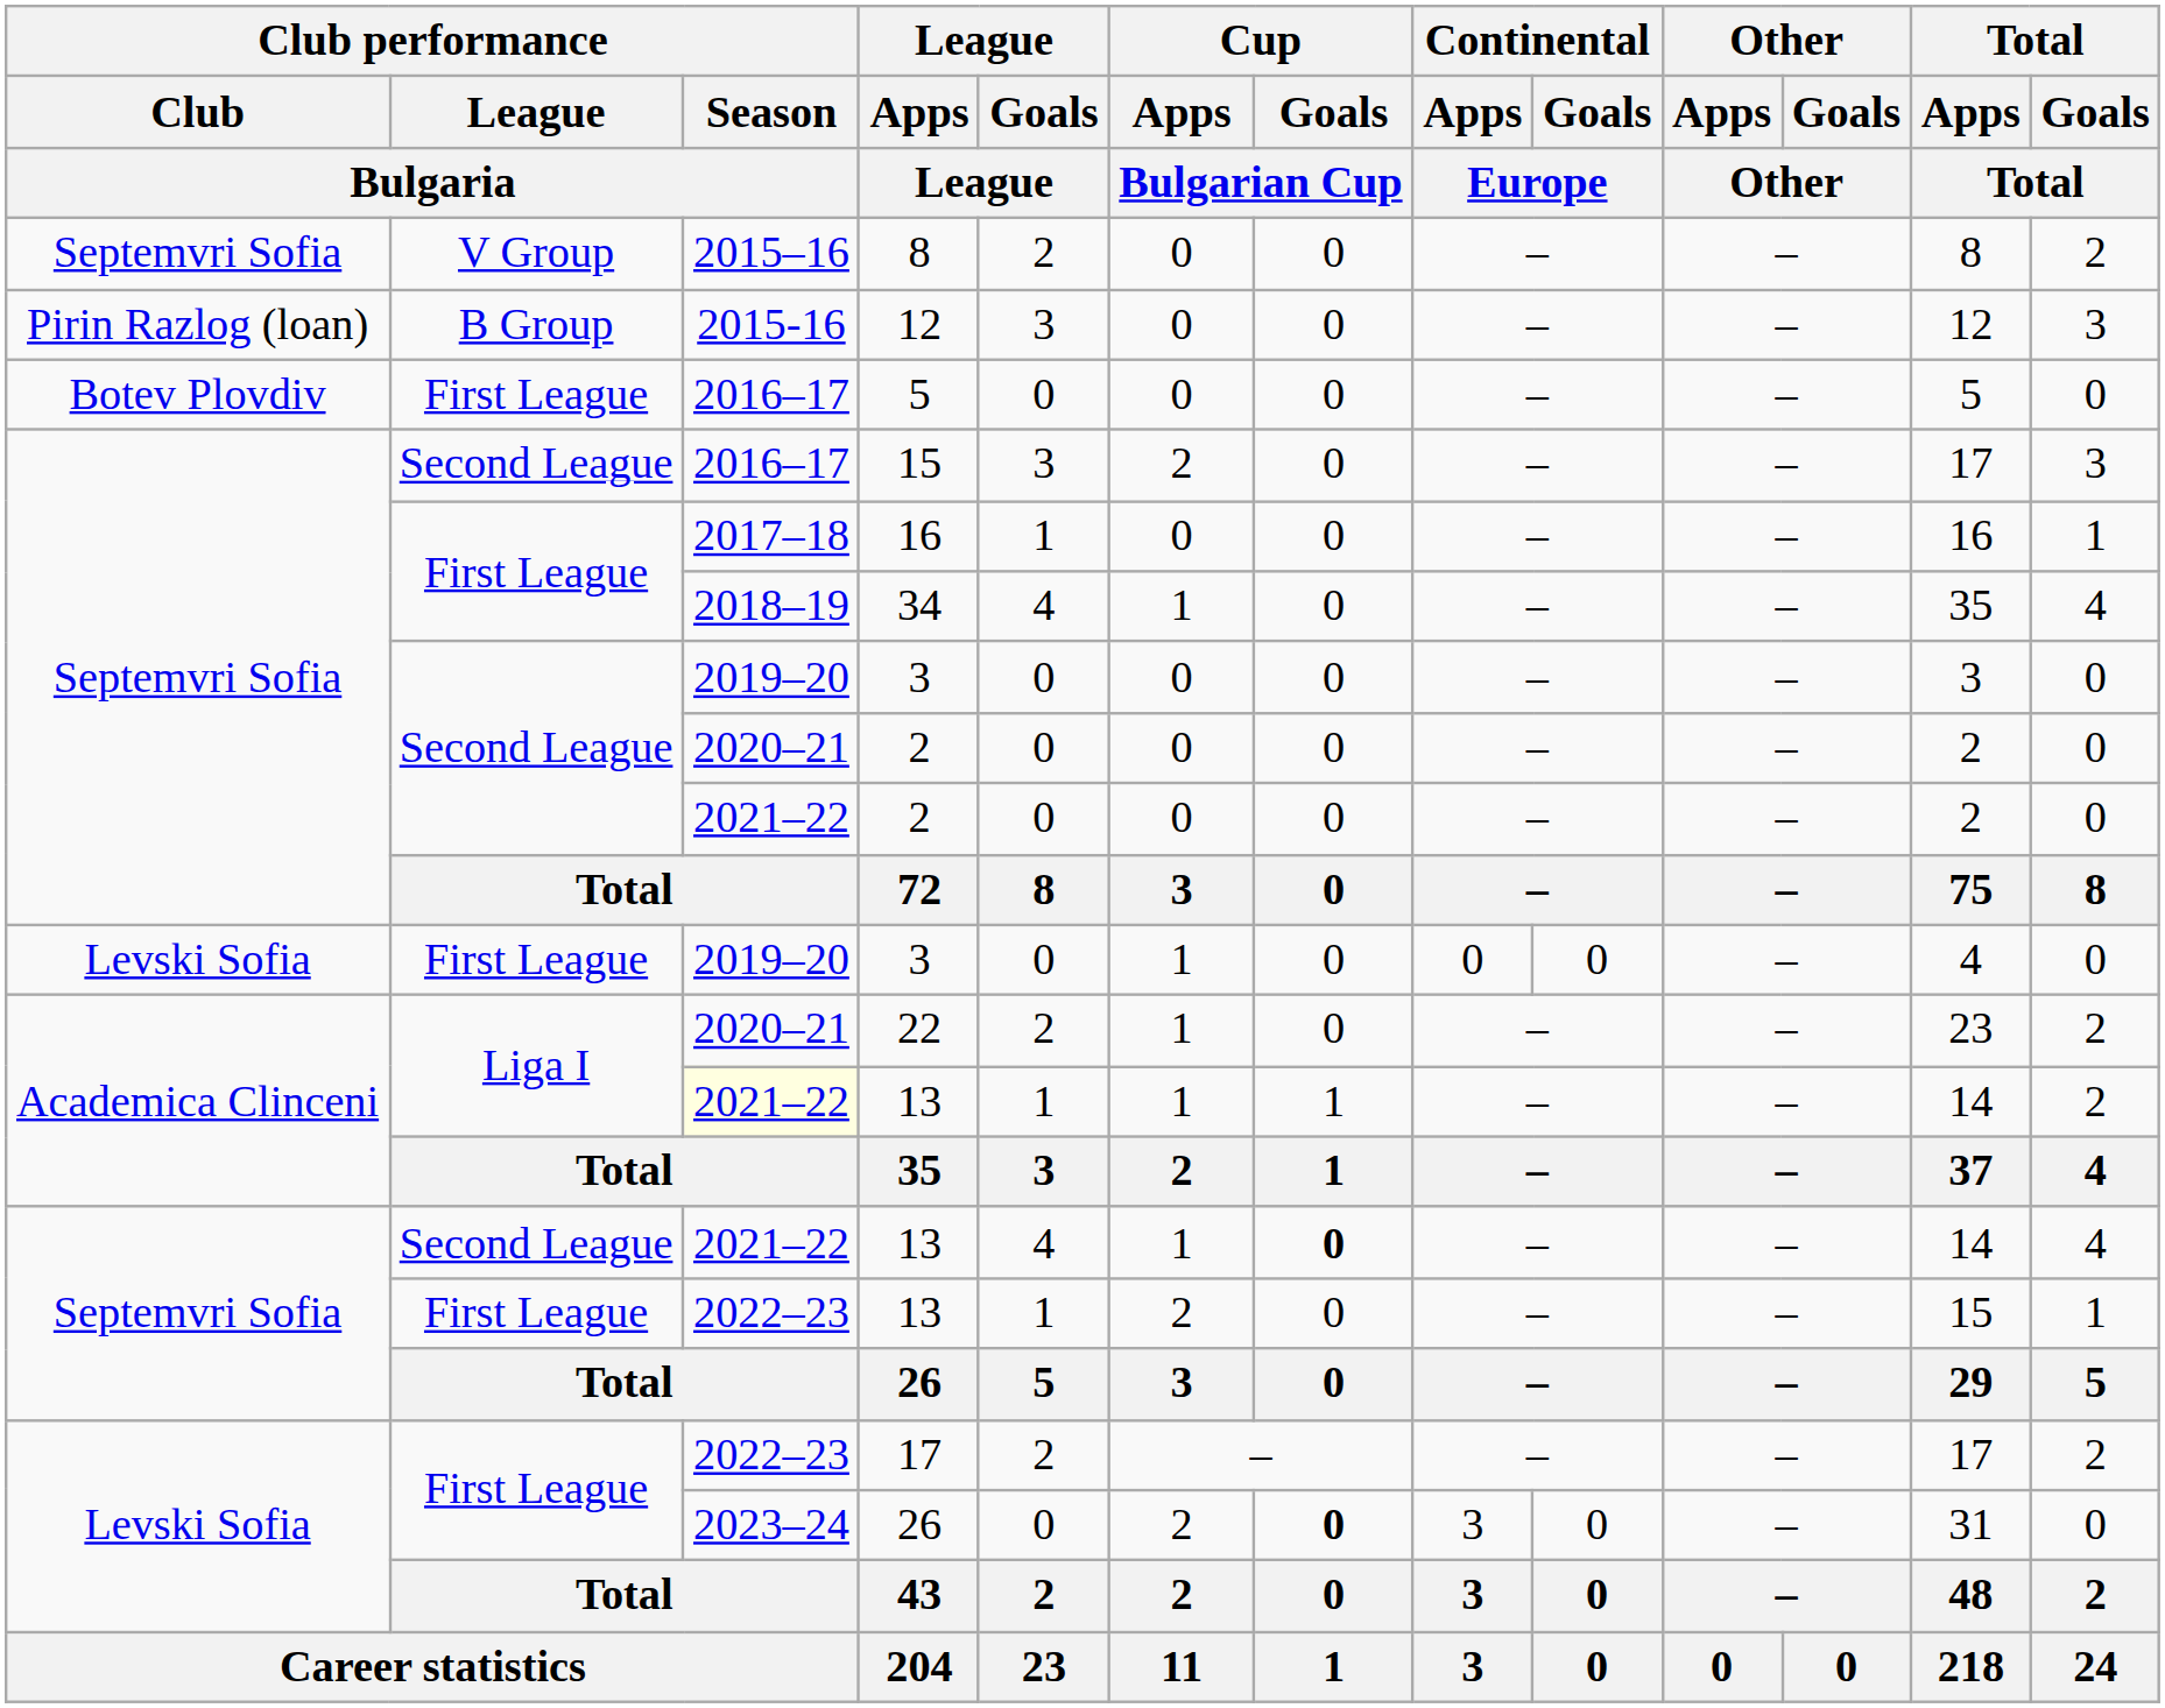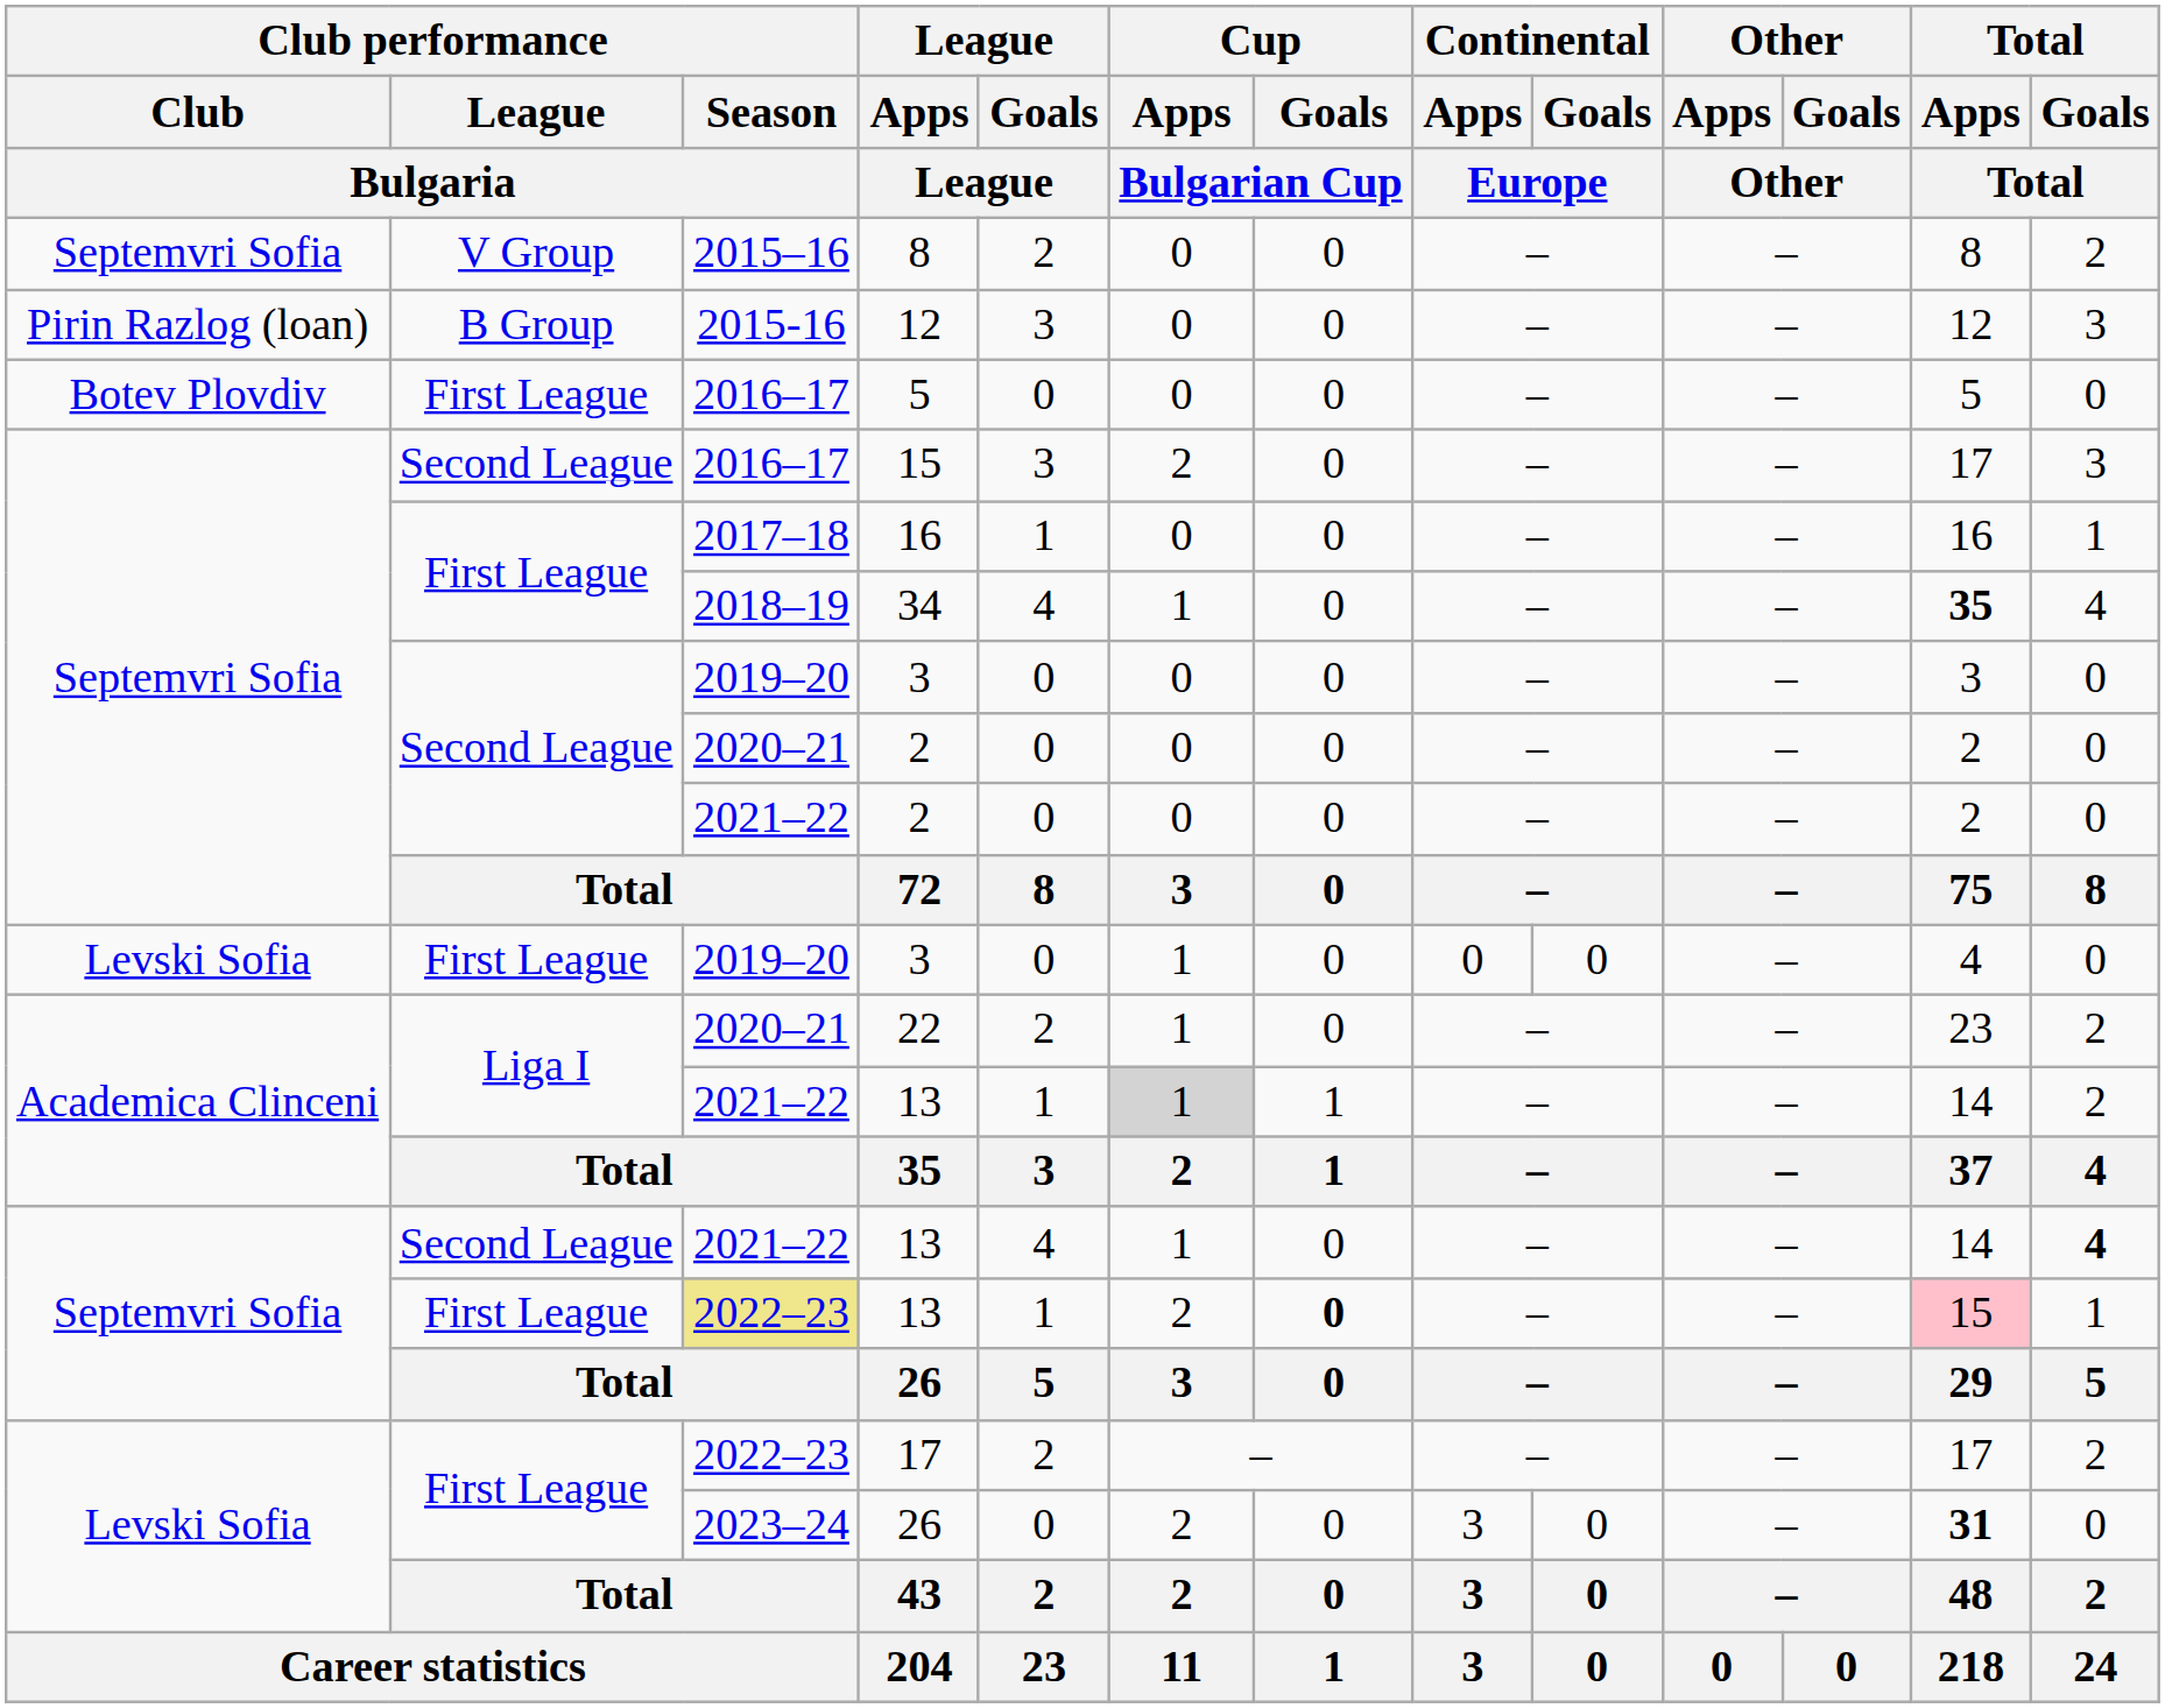 <table class="wikitable" style="text-align: center">
 <tr>
 <th Colspan="3">Club performance</th>
 <th Colspan="2">League</th>
 <th Colspan="2">Cup</th>
 <th Colspan="2">Continental</th>
 <th Colspan="2">Other</th>
 <th Colspan="3">Total</th>
 </tr>
 <tr>
 <th>Club</th>
 <th>League</th>
 <th>Season</th>
 <th>Apps</th>
 <th>Goals</th>
 <th>Apps</th>
 <th>Goals</th>
 <th>Apps</th>
 <th>Goals</th>
 <th>Apps</th>
 <th>Goals</th>
 <th>Apps</th>
 <th>Goals</th>
 </tr>
 <tr>
 <th Colspan="3">Bulgaria</th>
 <th Colspan="2">League</th>
 <th Colspan="2"><a href='#'>Bulgarian Cup</a></th>
 <th Colspan="2"><a href='#'>Europe</a></th>
 <th Colspan="2">Other</th>
 <th Colspan="2">Total</th>
 </tr>
 <tr>
 <td rowspan="1" valign="center"><a href='#'>Septemvri Sofia</a></td>
 <td rowspan="1"><a href='#'>V Group</a></td>
 <td><a href='#'>2015–16</a></td>
 <td>8</td>
 <td>2</td>
 <td>0</td>
 <td>0</td>
 <td colspan="2">–</td>
 <td colspan="2">–</td>
 <td>8</td>
 <td>2</td>
 </tr>
 <tr>
 <td rowspan="1" valign="center"><a href='#'>Pirin Razlog</a> (loan)</td>
 <td rowspan="1"><a href='#'>B Group</a></td>
 <td><a href='#'>2015-16</a></td>
 <td>12</td>
 <td>3</td>
 <td>0</td>
 <td>0</td>
 <td colspan="2">–</td>
 <td colspan="2">–</td>
 <td>12</td>
 <td>3</td>
 </tr>
 <tr>
 <td rowspan="1" valign="center"><a href='#'>Botev Plovdiv</a></td>
 <td rowspan="1"><a href='#'>First League</a></td>
 <td><a href='#'>2016–17</a></td>
 <td>5</td>
 <td>0</td>
 <td>0</td>
 <td>0</td>
 <td colspan="2">–</td>
 <td colspan="2">–</td>
 <td>5</td>
 <td>0</td>
 </tr>
 <tr>
 <td rowspan="7" valign="center"><a href='#'>Septemvri Sofia</a></td>
 <td rowspan="1"><a href='#'>Second League</a></td>
 <td><a href='#'>2016–17</a></td>
 <td>15</td>
 <td>3</td>
 <td>2</td>
 <td>0</td>
 <td colspan="2">–</td>
 <td colspan="2">–</td>
 <td>17</td>
 <td>3</td>
 </tr>
 <tr>
 <td rowspan="2"><a href='#'>First League</a></td>
 <td><a href='#'>2017–18</a></td>
 <td>16</td>
 <td>1</td>
 <td>0</td>
 <td>0</td>
 <td colspan="2">–</td>
 <td colspan="2">–</td>
 <td>16</td>
 <td>1</td>
 </tr>
 <tr>
 <td><a href='#'>2018–19</a></td>
 <td>34</td>
 <td>4</td>
 <td>1</td>
 <td>0</td>
 <td colspan="2">–</td>
 <td colspan="2">–</td>
-<td>35</td>
+<td><strong>35</strong></td>
 <td>4</td>
 </tr>
 <tr>
 <td rowspan="3"><a href='#'>Second League</a></td>
 <td><a href='#'>2019–20</a></td>
 <td>3</td>
 <td>0</td>
 <td>0</td>
 <td>0</td>
 <td colspan="2">–</td>
 <td colspan="2">–</td>
 <td>3</td>
 <td>0</td>
 </tr>
 <tr>
 <td><a href='#'>2020–21</a></td>
 <td>2</td>
 <td>0</td>
 <td>0</td>
 <td>0</td>
 <td colspan="2">–</td>
 <td colspan="2">–</td>
 <td>2</td>
 <td>0</td>
 </tr>
 <tr>
 <td><a href='#'>2021–22</a></td>
 <td>2</td>
 <td>0</td>
 <td>0</td>
 <td>0</td>
 <td colspan="2">–</td>
 <td colspan="2">–</td>
 <td>2</td>
 <td>0</td>
 </tr>
 <tr>
 <th colspan=2>Total</th>
 <th>72</th>
 <th>8</th>
 <th>3</th>
 <th>0</th>
 <th colspan="2">–</th>
 <th colspan="2">–</th>
 <th>75</th>
 <th>8</th>
 </tr>
 <tr>
 <td rowspan="1" valign="center"><a href='#'>Levski Sofia</a></td>
 <td rowspan="1"><a href='#'>First League</a></td>
 <td><a href='#'>2019–20</a></td>
 <td>3</td>
 <td>0</td>
 <td>1</td>
 <td>0</td>
 <td>0</td>
 <td>0</td>
 <td colspan="2">–</td>
 <td>4</td>
 <td>0</td>
 </tr>
 <tr>
 <td rowspan="3" valign="center"><a href='#'>Academica Clinceni</a></td>
 <td rowspan="2"><a href='#'>Liga I</a></td>
 <td><a href='#'>2020–21</a></td>
 <td>22</td>
 <td>2</td>
 <td>1</td>
 <td>0</td>
 <td colspan="2">–</td>
 <td colspan="2">–</td>
 <td>23</td>
 <td>2</td>
 </tr>
 <tr>
-<td style="background: lightyellow;"><a href='#'>2021–22</a></td>
+<td><a href='#'>2021–22</a></td>
 <td>13</td>
 <td>1</td>
-<td>1</td>
+<td style="background: lightgrey;">1</td>
 <td>1</td>
 <td colspan="2">–</td>
 <td colspan="2">–</td>
 <td>14</td>
 <td>2</td>
 </tr>
 <tr>
 <th colspan=2>Total</th>
 <th>35</th>
 <th>3</th>
 <th>2</th>
 <th>1</th>
 <th colspan="2">–</th>
 <th colspan="2">–</th>
 <th>37</th>
 <th>4</th>
 </tr>
 <tr>
 <td rowspan="3" valign="center"><a href='#'>Septemvri Sofia</a></td>
 <td><a href='#'>Second League</a></td>
 <td><a href='#'>2021–22</a></td>
 <td>13</td>
 <td>4</td>
 <td>1</td>
+<td>0</td>
+<td colspan="2">–</td>
+<td colspan="2">–</td>
+<td>14</td>
+<td><strong>4</strong></td>
+</tr>
+<tr>
+<td><a href='#'>First League</a></td>
+<td style="background: khaki;"><a href='#'>2022–23</a></td>
+<td>13</td>
+<td>1</td>
+<td>2</td>
 <td><strong>0</strong></td>
 <td colspan="2">–</td>
 <td colspan="2">–</td>
-<td>14</td>
-<td>4</td>
-</tr>
-<tr>
-<td><a href='#'>First League</a></td>
-<td><a href='#'>2022–23</a></td>
-<td>13</td>
-<td>1</td>
-<td>2</td>
-<td>0</td>
-<td colspan="2">–</td>
-<td colspan="2">–</td>
-<td>15</td>
+<td style="background: pink;">15</td>
 <td>1</td>
 </tr>
 <tr>
 <th colspan=2>Total</th>
 <th>26</th>
 <th>5</th>
 <th>3</th>
 <th>0</th>
 <th colspan="2">–</th>
 <th colspan="2">–</th>
 <th>29</th>
 <th>5</th>
 </tr>
 <tr>
 <td valign="center" rowspan=3><a href='#'>Levski Sofia</a></td>
 <td rowspan=2><a href='#'>First League</a></td>
 <td><a href='#'>2022–23</a></td>
 <td>17</td>
 <td>2</td>
 <td colspan="2">–</td>
 <td colspan="2">–</td>
 <td colspan="2">–</td>
 <td>17</td>
 <td>2</td>
 </tr>
 <tr>
 <td><a href='#'>2023–24</a></td>
 <td>26</td>
 <td>0</td>
 <td>2</td>
-<td><strong>0</strong></td>
+<td>0</td>
 <td>3</td>
 <td>0</td>
 <td colspan="2">–</td>
-<td>31</td>
+<td><strong>31</strong></td>
 <td>0</td>
 </tr>
 <tr>
 <th colspan=2>Total</th>
 <th>43</th>
 <th>2</th>
 <th>2</th>
 <th>0</th>
 <th>3</th>
 <th>0</th>
 <th colspan="2">–</th>
 <th>48</th>
 <th>2</th>
 </tr>
 <tr>
 <th colspan="3">Career statistics</th>
 <th>204</th>
 <th>23</th>
 <th>11</th>
 <th>1</th>
 <th>3</th>
 <th>0</th>
 <th>0</th>
 <th>0</th>
 <th>218</th>
 <th>24</th>
 </tr>
 </table>
